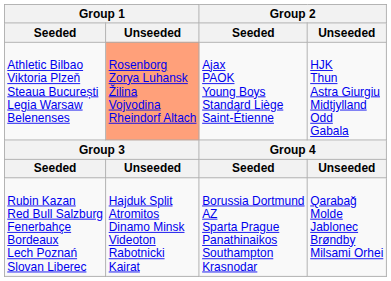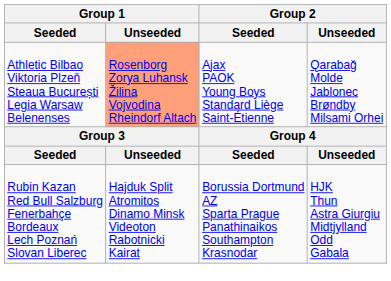 <table class="wikitable" style="font-size:85%">
 <tr>
 <th colspan=2>Group 1</th>
 <th colspan=2>Group 2</th>
 </tr>
 <tr>
 <th>Seeded</th>
 <th>Unseeded</th>
 <th>Seeded</th>
 <th>Unseeded</th>
 </tr>
 <tr>
 <td valign=top><br> <a href='#'>Athletic Bilbao</a> <br>  <a href='#'>Viktoria Plzeň</a> <br>  <a href='#'>Steaua București</a> <br>  <a href='#'>Legia Warsaw</a> <br>  <a href='#'>Belenenses</a> </td>
 <td valign=top style="background: lightsalmon;"><br> <a href='#'>Rosenborg</a> <br>  <a href='#'>Zorya Luhansk</a> <br>  <a href='#'>Žilina</a> <br>  <a href='#'>Vojvodina</a> <br>  <a href='#'>Rheindorf Altach</a> </td>
 <td valign=top><br> <a href='#'>Ajax</a> <br>  <a href='#'>PAOK</a> <br>  <a href='#'>Young Boys</a> <br>  <a href='#'>Standard Liège</a> <br>  <a href='#'>Saint-Étienne</a> </td>
-<td valign=top><br> <a href='#'>HJK</a> <br>  <a href='#'>Thun</a> <br>  <a href='#'>Astra Giurgiu</a> <br>  <a href='#'>Midtjylland</a> <br>  <a href='#'>Odd</a> <br>  <a href='#'>Gabala</a> <br></td>
+<td valign=top><br> <a href='#'>Qarabağ</a> <br>  <a href='#'>Molde</a> <br>  <a href='#'>Jablonec</a> <br>  <a href='#'>Brøndby</a> <br>  <a href='#'>Milsami Orhei</a> </td>
 </tr>
 <tr>
 <th colspan=2>Group 3</th>
 <th colspan=2>Group 4</th>
 </tr>
 <tr>
 <th>Seeded</th>
 <th>Unseeded</th>
 <th>Seeded</th>
 <th>Unseeded</th>
 </tr>
 <tr>
 <td valign=top><br> <a href='#'>Rubin Kazan</a> <br>  <a href='#'>Red Bull Salzburg</a> <br>  <a href='#'>Fenerbahçe</a> <br>  <a href='#'>Bordeaux</a> <br>  <a href='#'>Lech Poznań</a> <br>  <a href='#'>Slovan Liberec</a> </td>
 <td valign=top><br> <a href='#'>Hajduk Split</a> <br>  <a href='#'>Atromitos</a> <br>  <a href='#'>Dinamo Minsk</a> <br>  <a href='#'>Videoton</a> <br>  <a href='#'>Rabotnicki</a> <br>  <a href='#'>Kairat</a> </td>
 <td valign=top><br> <a href='#'>Borussia Dortmund</a> <br>  <a href='#'>AZ</a> <br>  <a href='#'>Sparta Prague</a> <br>  <a href='#'>Panathinaikos</a> <br>  <a href='#'>Southampton</a> <br>  <a href='#'>Krasnodar</a> </td>
-<td valign=top><br> <a href='#'>Qarabağ</a> <br>  <a href='#'>Molde</a> <br>  <a href='#'>Jablonec</a> <br>  <a href='#'>Brøndby</a> <br>  <a href='#'>Milsami Orhei</a> </td>
+<td valign=top><br> <a href='#'>HJK</a> <br>  <a href='#'>Thun</a> <br>  <a href='#'>Astra Giurgiu</a> <br>  <a href='#'>Midtjylland</a> <br>  <a href='#'>Odd</a> <br>  <a href='#'>Gabala</a> <br></td>
 </tr>
 </table>
